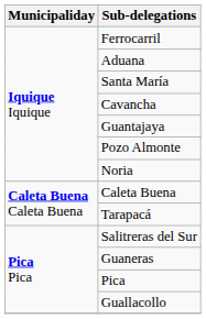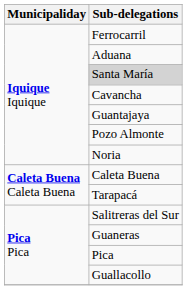 <table class="wikitable">
 <tr>
 <th>Municipaliday</th>
 <th>Sub-delegations</th>
 </tr>
 <tr>
 <td rowspan=7><strong><a href='#'>Iquique</a></strong><br>Iquique<br></td>
 <td>Ferrocarril</td>
 </tr>
 <tr>
 <td>Aduana</td>
 </tr>
 <tr>
-<td>Santa María</td>
+<td style="background: lightgrey;">Santa María</td>
 </tr>
 <tr>
 <td>Cavancha</td>
 </tr>
 <tr>
 <td>Guantajaya</td>
 </tr>
 <tr>
 <td>Pozo Almonte</td>
 </tr>
 <tr>
 <td>Noria</td>
 </tr>
 <tr>
 <td rowspan=2><strong><a href='#'>Caleta Buena</a></strong><br>Caleta Buena<br></td>
 <td>Caleta Buena</td>
 </tr>
 <tr>
 <td>Tarapacá</td>
 </tr>
 <tr>
 <td rowspan=4><strong><a href='#'>Pica</a></strong><br>Pica<br></td>
 <td>Salitreras del Sur</td>
 </tr>
 <tr>
 <td>Guaneras</td>
 </tr>
 <tr>
 <td>Pica</td>
 </tr>
 <tr>
 <td>Guallacollo</td>
 </tr>
 <tr>
 </tr>
 </table>
